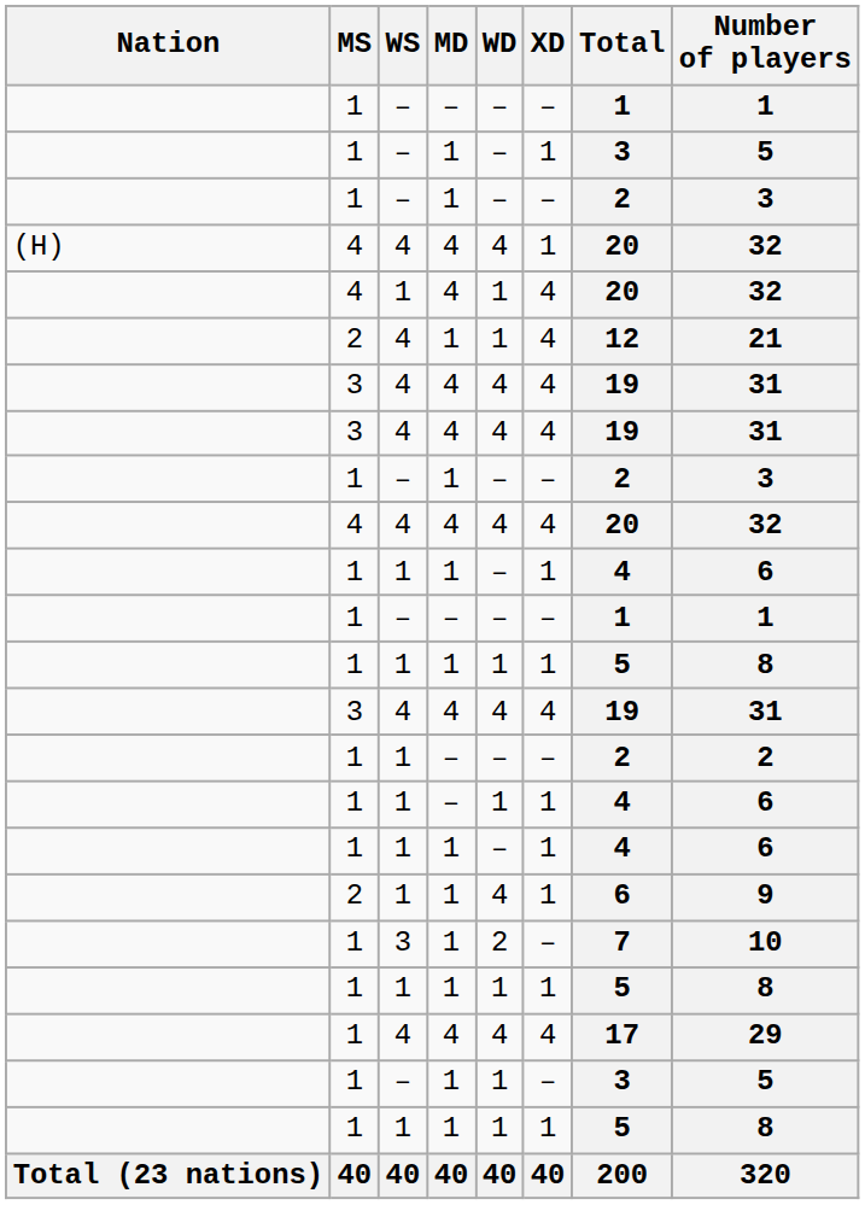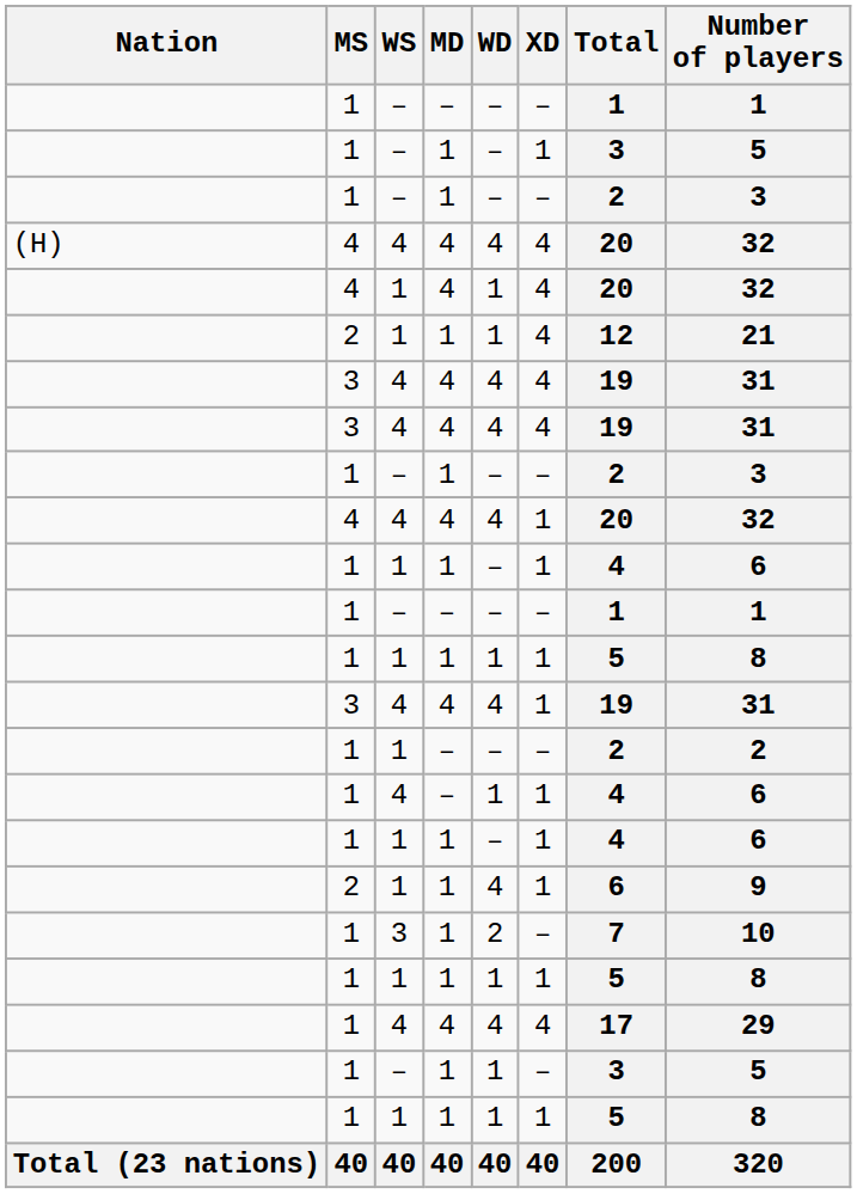 <table class="sortable wikitable" style="font-size:95%; text-align:center">
 <tr>
 <th>Nation</th>
 <th>MS</th>
 <th>WS</th>
 <th>MD</th>
 <th>WD</th>
 <th>XD</th>
 <th>Total</th>
 <th>Number<br>of players</th>
 </tr>
 <tr>
 <td align="left"></td>
 <td>1</td>
 <td>–</td>
 <td>–</td>
 <td>–</td>
 <td>–</td>
 <th>1</th>
 <th>1</th>
 </tr>
 <tr>
 <td align="left"></td>
 <td>1</td>
 <td>–</td>
 <td>1</td>
 <td>–</td>
 <td>1</td>
 <th>3</th>
 <th>5</th>
 </tr>
 <tr>
 <td align="left"></td>
 <td>1</td>
 <td>–</td>
 <td>1</td>
 <td>–</td>
 <td>–</td>
 <th>2</th>
 <th>3</th>
 </tr>
 <tr>
 <td align="left"> (H)</td>
 <td>4</td>
 <td>4</td>
 <td>4</td>
 <td>4</td>
-<td>1</td>
+<td>4</td>
 <th>20</th>
 <th>32</th>
 </tr>
 <tr>
 <td align="left"></td>
 <td>4</td>
 <td>1</td>
 <td>4</td>
 <td>1</td>
 <td>4</td>
 <th>20</th>
 <th>32</th>
 </tr>
 <tr>
 <td align="left"></td>
 <td>2</td>
-<td>4</td>
+<td>1</td>
 <td>1</td>
 <td>1</td>
 <td>4</td>
 <th>12</th>
 <th>21</th>
 </tr>
 <tr>
 <td align="left"></td>
 <td>3</td>
 <td>4</td>
 <td>4</td>
 <td>4</td>
 <td>4</td>
 <th>19</th>
 <th>31</th>
 </tr>
 <tr>
 <td align="left"></td>
 <td>3</td>
 <td>4</td>
 <td>4</td>
 <td>4</td>
 <td>4</td>
 <th>19</th>
 <th>31</th>
 </tr>
 <tr>
 <td align="left"></td>
 <td>1</td>
 <td>–</td>
 <td>1</td>
 <td>–</td>
 <td>–</td>
 <th>2</th>
 <th>3</th>
 </tr>
 <tr>
 <td align="left"></td>
 <td>4</td>
 <td>4</td>
 <td>4</td>
 <td>4</td>
-<td>4</td>
+<td>1</td>
 <th>20</th>
 <th>32</th>
 </tr>
 <tr>
 <td align="left"></td>
 <td>1</td>
 <td>1</td>
 <td>1</td>
 <td>–</td>
 <td>1</td>
 <th>4</th>
 <th>6</th>
 </tr>
 <tr>
 <td align="left"></td>
 <td>1</td>
 <td>–</td>
 <td>–</td>
 <td>–</td>
 <td>–</td>
 <th>1</th>
 <th>1</th>
 </tr>
 <tr>
 <td align="left"></td>
 <td>1</td>
 <td>1</td>
 <td>1</td>
 <td>1</td>
 <td>1</td>
 <th>5</th>
 <th>8</th>
 </tr>
 <tr>
 <td align="left"></td>
 <td>3</td>
 <td>4</td>
 <td>4</td>
 <td>4</td>
-<td>4</td>
+<td>1</td>
 <th>19</th>
 <th>31</th>
 </tr>
 <tr>
 <td align="left"></td>
 <td>1</td>
 <td>1</td>
 <td>–</td>
 <td>–</td>
 <td>–</td>
 <th>2</th>
 <th>2</th>
 </tr>
 <tr>
 <td align="left"></td>
 <td>1</td>
-<td>1</td>
+<td>4</td>
 <td>–</td>
 <td>1</td>
 <td>1</td>
 <th>4</th>
 <th>6</th>
 </tr>
 <tr>
 <td align="left"></td>
 <td>1</td>
 <td>1</td>
 <td>1</td>
 <td>–</td>
 <td>1</td>
 <th>4</th>
 <th>6</th>
 </tr>
 <tr>
 <td align="left"></td>
 <td>2</td>
 <td>1</td>
 <td>1</td>
 <td>4</td>
 <td>1</td>
 <th>6</th>
 <th>9</th>
 </tr>
 <tr>
 <td align="left"></td>
 <td>1</td>
 <td>3</td>
 <td>1</td>
 <td>2</td>
 <td>–</td>
 <th>7</th>
 <th>10</th>
 </tr>
 <tr>
 <td align="left"></td>
 <td>1</td>
 <td>1</td>
 <td>1</td>
 <td>1</td>
 <td>1</td>
 <th>5</th>
 <th>8</th>
 </tr>
 <tr>
 <td align="left"></td>
 <td>1</td>
 <td>4</td>
 <td>4</td>
 <td>4</td>
 <td>4</td>
 <th>17</th>
 <th>29</th>
 </tr>
 <tr>
 <td align="left"></td>
 <td>1</td>
 <td>–</td>
 <td>1</td>
 <td>1</td>
 <td>–</td>
 <th>3</th>
 <th>5</th>
 </tr>
 <tr>
 <td align="left"></td>
 <td>1</td>
 <td>1</td>
 <td>1</td>
 <td>1</td>
 <td>1</td>
 <th>5</th>
 <th>8</th>
 </tr>
 <tr>
 <th align="left">Total (23 nations)</th>
 <th>40</th>
 <th>40</th>
 <th>40</th>
 <th>40</th>
 <th>40</th>
 <th>200</th>
 <th>320</th>
 </tr>
 </table>
